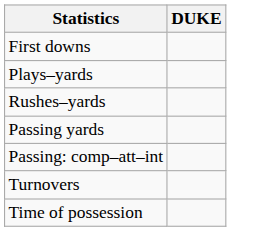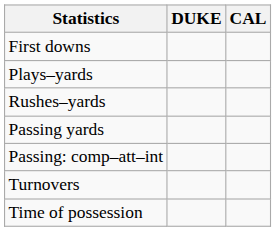 <table class="wikitable" style="float:left">
 <tr>
 <th>Statistics</th>
 <th>DUKE</th>
+<th>CAL</th>
 </tr>
 <tr>
 <td>First downs</td>
+<td></td>
 <td></td>
 </tr>
 <tr>
 <td>Plays–yards</td>
 <td></td>
+<td></td>
 </tr>
 <tr>
 <td>Rushes–yards</td>
+<td></td>
 <td></td>
 </tr>
 <tr>
 <td>Passing yards</td>
 <td></td>
+<td></td>
 </tr>
 <tr>
 <td>Passing: comp–att–int</td>
+<td></td>
 <td></td>
 </tr>
 <tr>
 <td>Turnovers</td>
 <td></td>
+<td></td>
 </tr>
 <tr>
 <td>Time of possession</td>
 <td></td>
+<td></td>
 </tr>
 </table>
